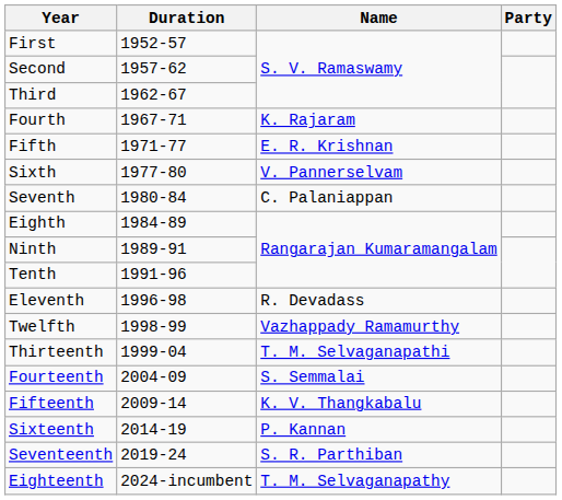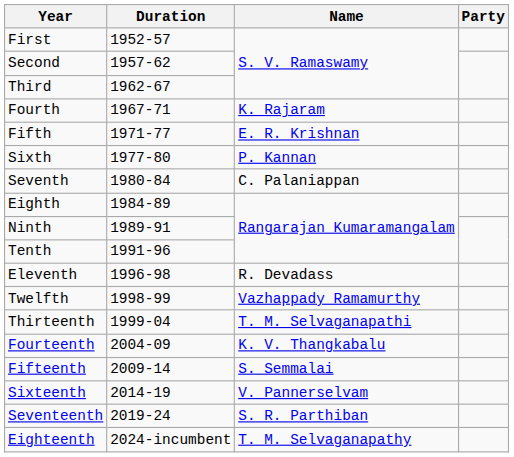 <table class="wikitable sortable">
 <tr>
 <th>Year</th>
 <th>Duration</th>
 <th>Name</th>
 <th colspan=2>Party</th>
 </tr>
 <tr>
 <td>First</td>
 <td>1952-57</td>
 <td rowspan=3><a href='#'>S. V. Ramaswamy</a></td>
 <td></td>
 </tr>
 <tr>
 <td>Second</td>
 <td>1957-62</td>
 </tr>
 <tr>
 <td>Third</td>
 <td>1962-67</td>
 </tr>
 <tr>
 <td>Fourth</td>
 <td>1967-71</td>
 <td><a href='#'>K. Rajaram</a></td>
 <td></td>
 </tr>
 <tr>
 <td>Fifth</td>
 <td>1971-77</td>
 <td><a href='#'>E. R. Krishnan</a></td>
 </tr>
 <tr>
 <td>Sixth</td>
 <td>1977-80</td>
-<td><a href='#'>V. Pannerselvam</a></td>
+<td><a href='#'>P. Kannan</a></td>
 <td></td>
 </tr>
 <tr>
 <td>Seventh</td>
 <td>1980-84</td>
 <td>C. Palaniappan</td>
 <td></td>
 </tr>
 <tr>
 <td>Eighth</td>
 <td>1984-89</td>
 <td rowspan=3><a href='#'>Rangarajan Kumaramangalam</a></td>
 <td></td>
 </tr>
 <tr>
 <td>Ninth</td>
 <td>1989-91</td>
 </tr>
 <tr>
 <td>Tenth</td>
 <td>1991-96</td>
 </tr>
 <tr>
 <td>Eleventh</td>
 <td>1996-98</td>
 <td>R. Devadass</td>
 <td></td>
 </tr>
 <tr>
 <td>Twelfth</td>
 <td>1998-99</td>
 <td><a href='#'>Vazhappady Ramamurthy</a></td>
 <td></td>
 </tr>
 <tr>
 <td>Thirteenth</td>
 <td>1999-04</td>
 <td><a href='#'>T. M. Selvaganapathi</a></td>
 <td></td>
 </tr>
 <tr>
 <td><a href='#'>Fourteenth</a></td>
 <td>2004-09</td>
-<td><a href='#'>S. Semmalai</a></td>
+<td><a href='#'>K. V. Thangkabalu</a></td>
 <td></td>
 </tr>
 <tr>
 <td><a href='#'>Fifteenth</a></td>
 <td>2009-14</td>
-<td><a href='#'>K. V. Thangkabalu</a></td>
+<td><a href='#'>S. Semmalai</a></td>
 <td></td>
 </tr>
 <tr>
 <td><a href='#'>Sixteenth</a></td>
 <td>2014-19</td>
-<td><a href='#'>P. Kannan</a></td>
+<td><a href='#'>V. Pannerselvam</a></td>
 </tr>
 <tr>
 <td><a href='#'>Seventeenth</a></td>
 <td>2019-24</td>
 <td><a href='#'>S. R. Parthiban</a></td>
 <td></td>
 </tr>
 <tr>
 <td><a href='#'>Eighteenth</a></td>
 <td>2024-incumbent</td>
 <td><a href='#'>T. M. Selvaganapathy</a></td>
 </tr>
 </table>
